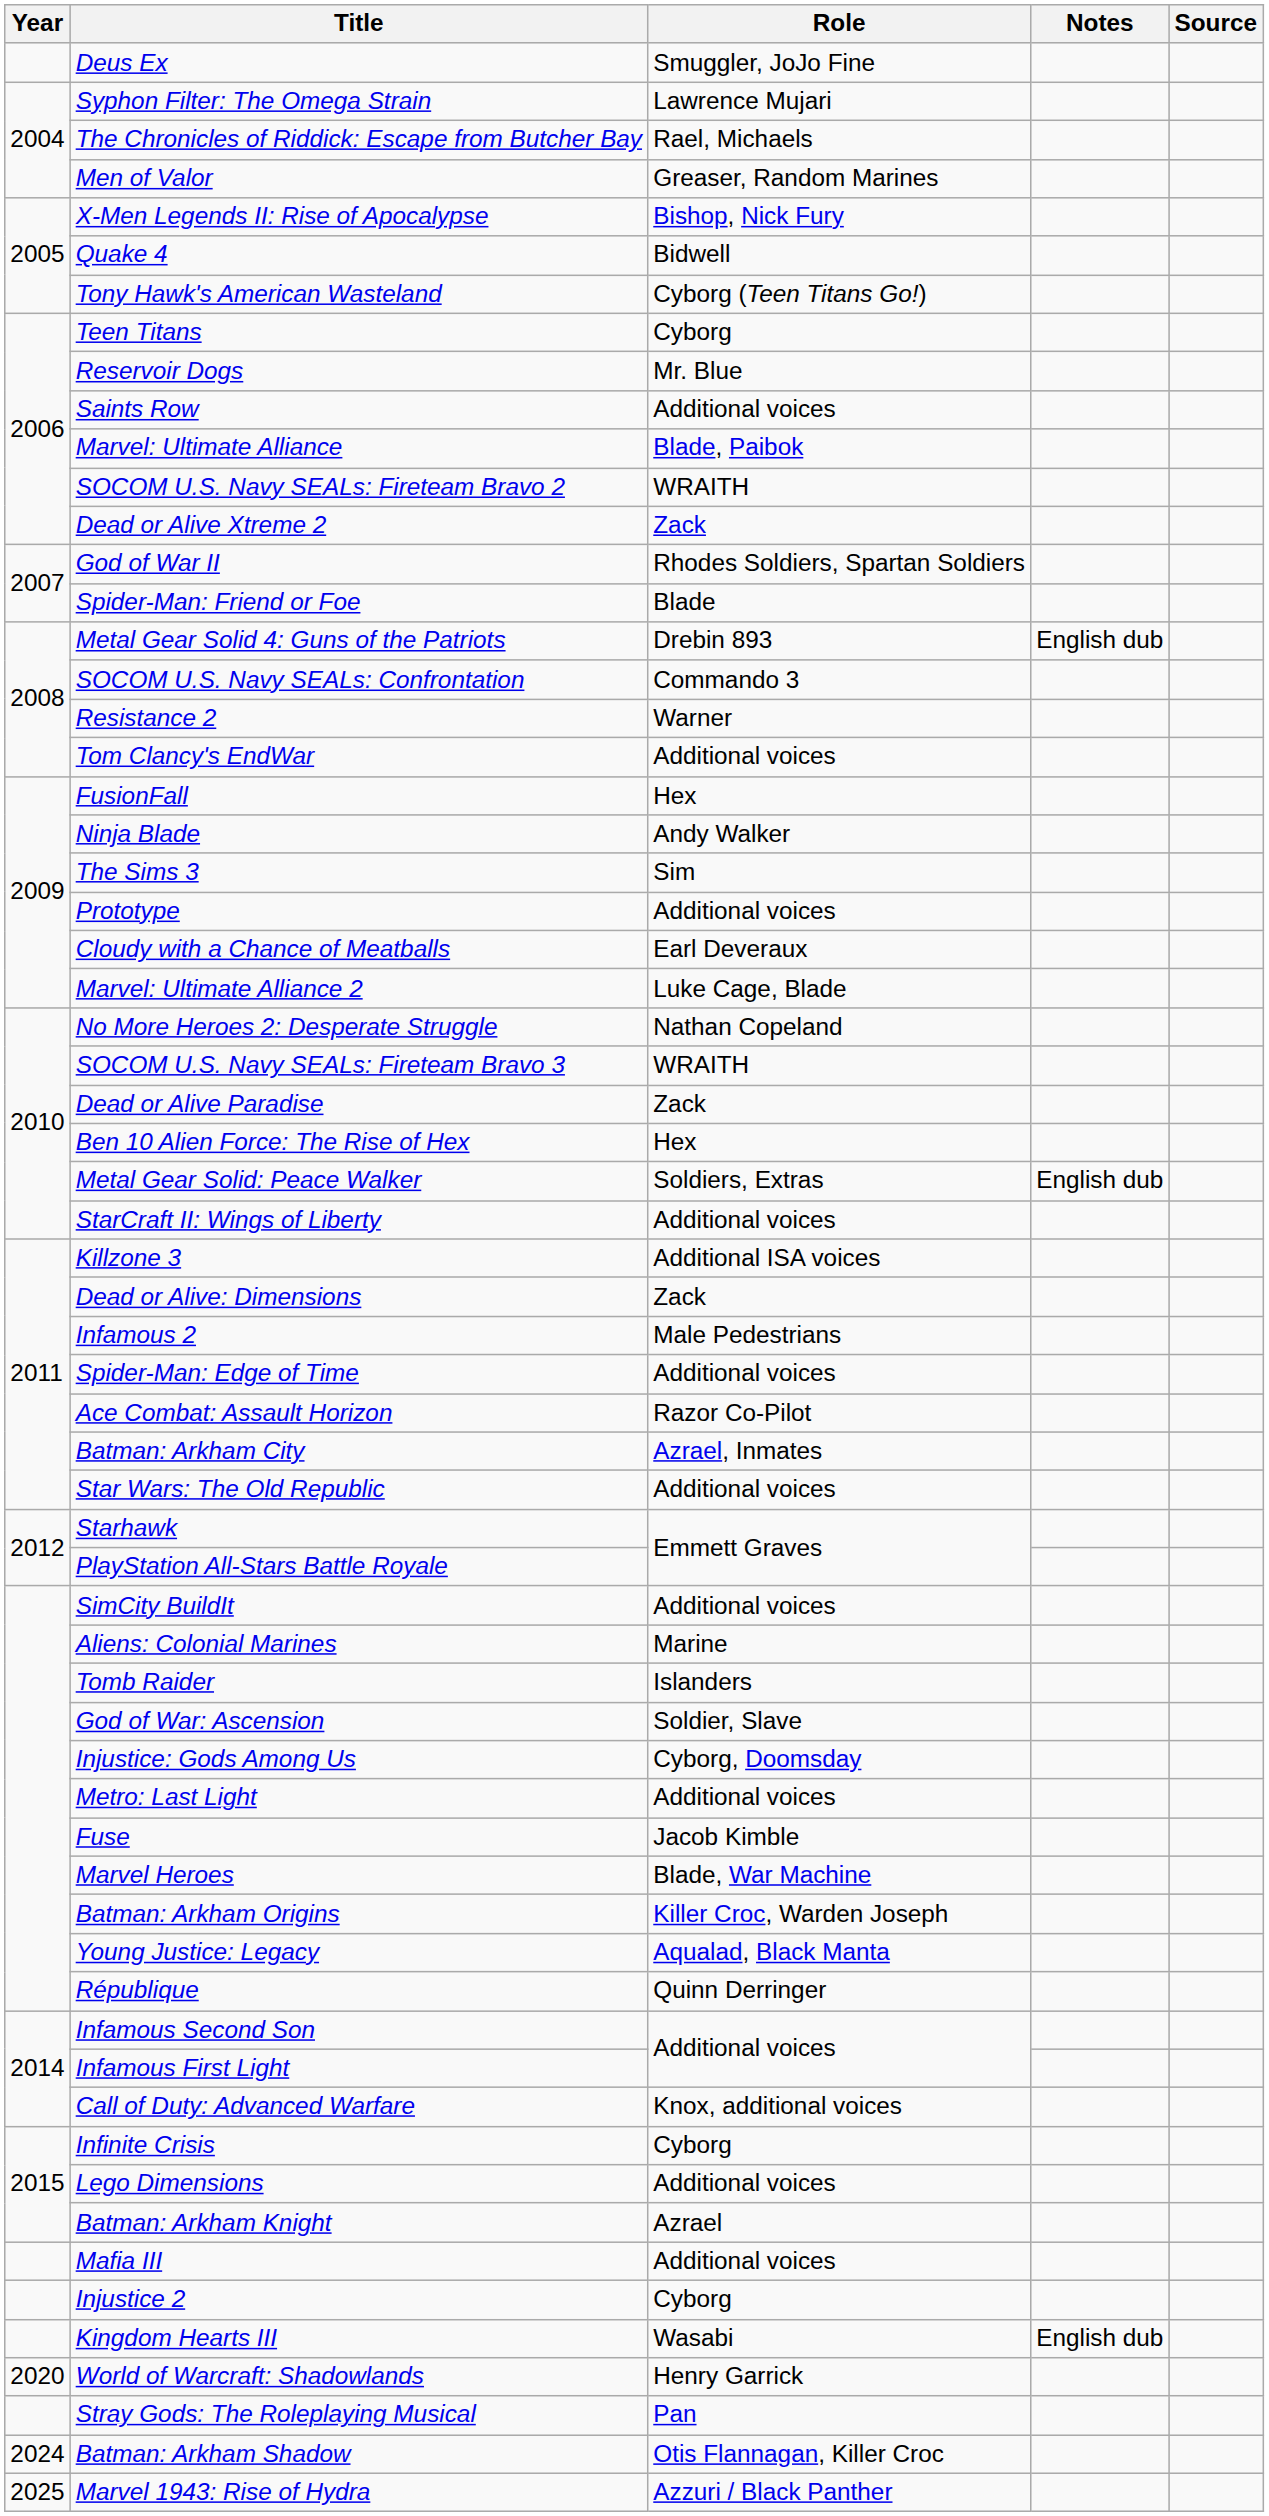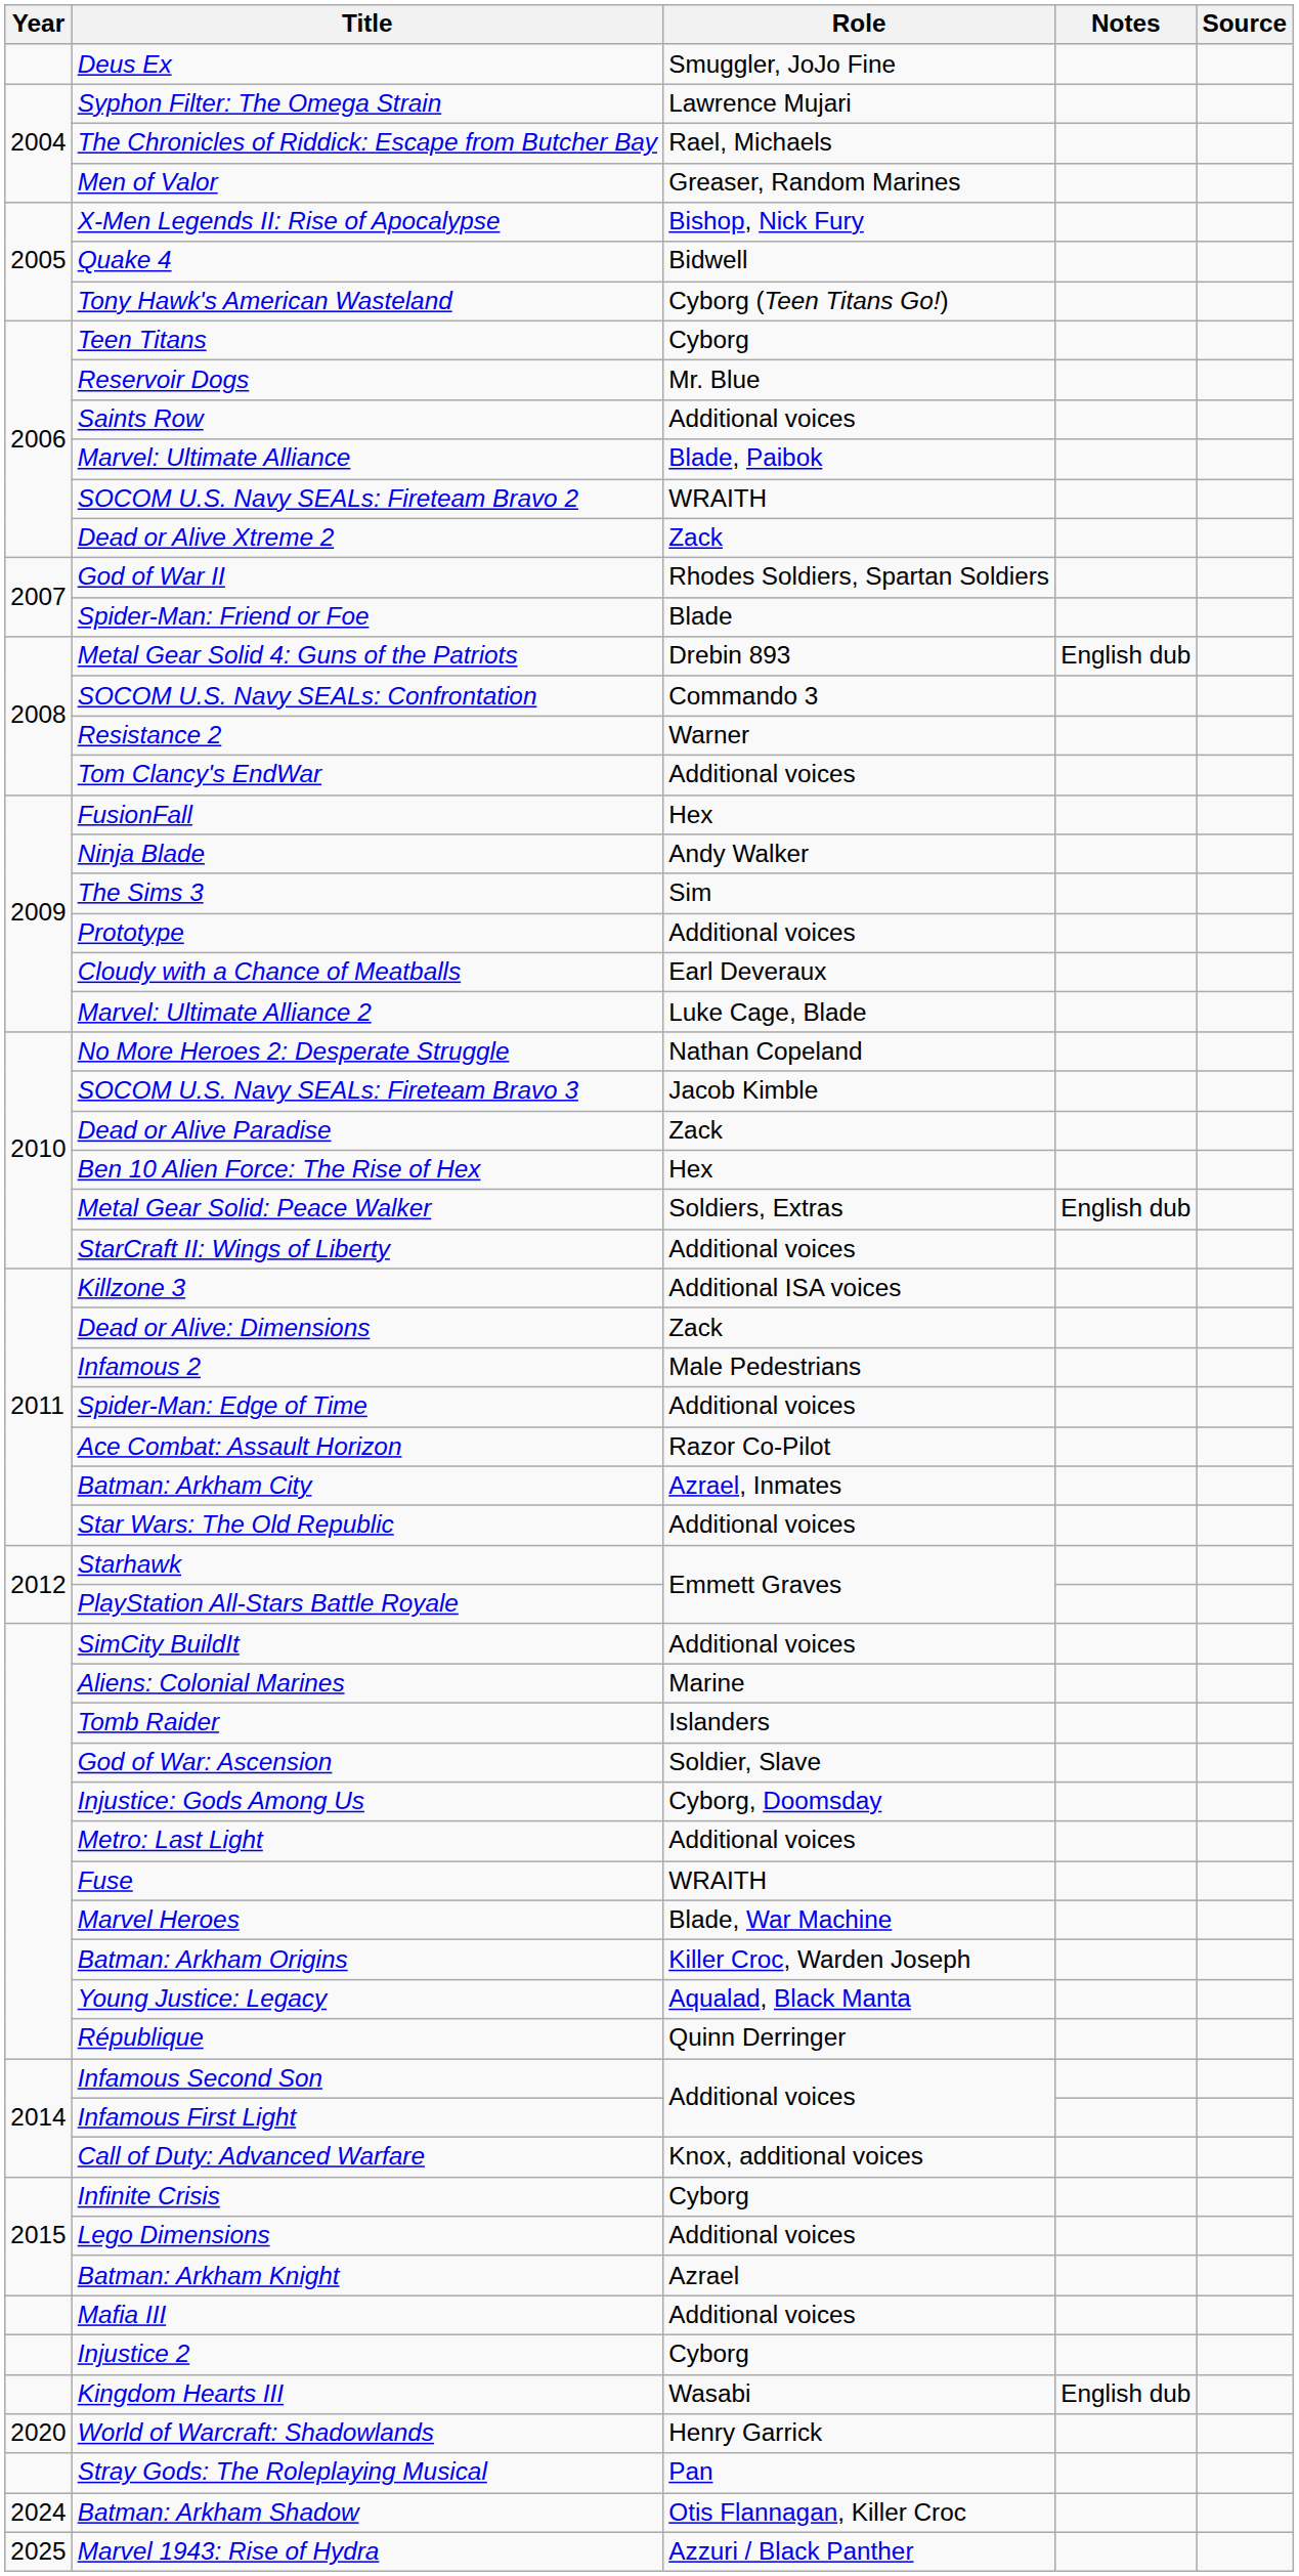 <table class="wikitable sortable plainrowheaders">
 <tr>
 <th scope="col">Year</th>
 <th scope="col">Title</th>
 <th scope="col">Role</th>
 <th class="unsortable" scope="col">Notes</th>
 <th class="unsortable" scope="col">Source</th>
 </tr>
 <tr>
 <td></td>
 <td><em><a href='#'>Deus Ex</a></em></td>
 <td>Smuggler, JoJo Fine</td>
 <td></td>
 <td></td>
 </tr>
 <tr>
 <td rowspan=3>2004</td>
 <td><em><a href='#'>Syphon Filter: The Omega Strain</a></em></td>
 <td>Lawrence Mujari</td>
 <td></td>
 <td></td>
 </tr>
 <tr>
 <td><em><a href='#'>The Chronicles of Riddick: Escape from Butcher Bay</a></em></td>
 <td>Rael, Michaels</td>
 <td></td>
 <td></td>
 </tr>
 <tr>
 <td><em><a href='#'>Men of Valor</a></em></td>
 <td>Greaser, Random Marines</td>
 <td></td>
 <td></td>
 </tr>
 <tr>
 <td rowspan=3>2005</td>
 <td><em><a href='#'>X-Men Legends II: Rise of Apocalypse</a></em></td>
 <td><a href='#'>Bishop</a>, <a href='#'>Nick Fury</a></td>
 <td></td>
 <td></td>
 </tr>
 <tr>
 <td><em><a href='#'>Quake 4</a></em></td>
 <td>Bidwell</td>
 <td></td>
 <td></td>
 </tr>
 <tr>
 <td><em><a href='#'>Tony Hawk's American Wasteland</a></em></td>
 <td>Cyborg (<em>Teen Titans Go!</em>)</td>
 <td></td>
 <td></td>
 </tr>
 <tr>
 <td rowspan=6>2006</td>
 <td><em><a href='#'>Teen Titans</a></em></td>
 <td>Cyborg</td>
 <td></td>
 <td></td>
 </tr>
 <tr>
 <td><em><a href='#'>Reservoir Dogs</a></em></td>
 <td>Mr. Blue</td>
 <td></td>
 <td></td>
 </tr>
 <tr>
 <td><em><a href='#'>Saints Row</a></em></td>
 <td>Additional voices</td>
 <td></td>
 <td></td>
 </tr>
 <tr>
 <td><em><a href='#'>Marvel: Ultimate Alliance</a></em></td>
 <td><a href='#'>Blade</a>, <a href='#'>Paibok</a></td>
 <td></td>
 <td></td>
 </tr>
 <tr>
 <td><em><a href='#'>SOCOM U.S. Navy SEALs: Fireteam Bravo 2</a></em></td>
 <td>WRAITH</td>
 <td></td>
 <td></td>
 </tr>
 <tr>
 <td><em><a href='#'>Dead or Alive Xtreme 2</a></em></td>
 <td><a href='#'>Zack</a></td>
 <td></td>
 <td></td>
 </tr>
 <tr>
 <td rowspan=2>2007</td>
 <td><em><a href='#'>God of War II</a></em></td>
 <td>Rhodes Soldiers, Spartan Soldiers</td>
 <td></td>
 <td></td>
 </tr>
 <tr>
 <td><em><a href='#'>Spider-Man: Friend or Foe</a></em></td>
 <td>Blade</td>
 <td></td>
 <td></td>
 </tr>
 <tr>
 <td rowspan=4>2008</td>
 <td><em><a href='#'>Metal Gear Solid 4: Guns of the Patriots</a></em></td>
 <td>Drebin 893</td>
 <td>English dub</td>
 <td></td>
 </tr>
 <tr>
 <td><em><a href='#'>SOCOM U.S. Navy SEALs: Confrontation</a></em></td>
 <td>Commando 3</td>
 <td></td>
 <td></td>
 </tr>
 <tr>
 <td><em><a href='#'>Resistance 2</a></em></td>
 <td>Warner</td>
 <td></td>
 <td></td>
 </tr>
 <tr>
 <td><em><a href='#'>Tom Clancy's EndWar</a></em></td>
 <td>Additional voices</td>
 <td></td>
 <td></td>
 </tr>
 <tr>
 <td rowspan=6>2009</td>
 <td><em><a href='#'>FusionFall</a></em></td>
 <td>Hex</td>
 <td></td>
 <td></td>
 </tr>
 <tr>
 <td><em><a href='#'>Ninja Blade</a></em></td>
 <td>Andy Walker</td>
 <td></td>
 <td></td>
 </tr>
 <tr>
 <td><em><a href='#'>The Sims 3</a></em></td>
 <td>Sim</td>
 <td></td>
 <td></td>
 </tr>
 <tr>
 <td><em><a href='#'>Prototype</a></em></td>
 <td>Additional voices</td>
 <td></td>
 <td></td>
 </tr>
 <tr>
 <td><em><a href='#'>Cloudy with a Chance of Meatballs</a></em></td>
 <td>Earl Deveraux</td>
 <td></td>
 <td></td>
 </tr>
 <tr>
 <td><em><a href='#'>Marvel: Ultimate Alliance 2</a></em></td>
 <td>Luke Cage, Blade</td>
 <td></td>
 <td></td>
 </tr>
 <tr>
 <td rowspan=6>2010</td>
 <td><em><a href='#'>No More Heroes 2: Desperate Struggle</a></em></td>
 <td>Nathan Copeland</td>
 <td></td>
 <td></td>
 </tr>
 <tr>
 <td><em><a href='#'>SOCOM U.S. Navy SEALs: Fireteam Bravo 3</a></em></td>
-<td>WRAITH</td>
+<td>Jacob Kimble</td>
 <td></td>
 <td></td>
 </tr>
 <tr>
 <td><em><a href='#'>Dead or Alive Paradise</a></em></td>
 <td>Zack</td>
 <td></td>
 <td></td>
 </tr>
 <tr>
 <td><em><a href='#'>Ben 10 Alien Force: The Rise of Hex</a></em></td>
 <td>Hex</td>
 <td></td>
 <td></td>
 </tr>
 <tr>
 <td><em><a href='#'>Metal Gear Solid: Peace Walker</a></em></td>
 <td>Soldiers, Extras</td>
 <td>English dub</td>
 <td></td>
 </tr>
 <tr>
 <td><em><a href='#'>StarCraft II: Wings of Liberty</a></em></td>
 <td>Additional voices</td>
 <td></td>
 <td></td>
 </tr>
 <tr>
 <td rowspan=7>2011</td>
 <td><em><a href='#'>Killzone 3</a></em></td>
 <td>Additional ISA voices</td>
 <td></td>
 <td></td>
 </tr>
 <tr>
 <td><em><a href='#'>Dead or Alive: Dimensions</a></em></td>
 <td>Zack</td>
 <td></td>
 <td></td>
 </tr>
 <tr>
 <td><em><a href='#'>Infamous 2</a></em></td>
 <td>Male Pedestrians</td>
 <td></td>
 <td></td>
 </tr>
 <tr>
 <td><em><a href='#'>Spider-Man: Edge of Time</a></em></td>
 <td>Additional voices</td>
 <td></td>
 <td></td>
 </tr>
 <tr>
 <td><em><a href='#'>Ace Combat: Assault Horizon</a></em></td>
 <td>Razor Co-Pilot</td>
 <td></td>
 <td></td>
 </tr>
 <tr>
 <td><em><a href='#'>Batman: Arkham City</a></em></td>
 <td><a href='#'>Azrael</a>, Inmates</td>
 <td></td>
 <td></td>
 </tr>
 <tr>
 <td><em><a href='#'>Star Wars: The Old Republic</a></em></td>
 <td>Additional voices</td>
 <td></td>
 <td></td>
 </tr>
 <tr>
 <td rowspan=2>2012</td>
 <td><em><a href='#'>Starhawk</a></em></td>
 <td rowspan="2">Emmett Graves</td>
 <td></td>
 <td></td>
 </tr>
 <tr>
 <td><em><a href='#'>PlayStation All-Stars Battle Royale</a></em></td>
 <td></td>
 <td></td>
 </tr>
 <tr>
 <td rowspan=11></td>
 <td><em><a href='#'>SimCity BuildIt</a></em></td>
 <td>Additional voices</td>
 <td></td>
 <td></td>
 </tr>
 <tr>
 <td><em><a href='#'>Aliens: Colonial Marines</a></em></td>
 <td>Marine</td>
 <td></td>
 <td></td>
 </tr>
 <tr>
 <td><em><a href='#'>Tomb Raider</a></em></td>
 <td>Islanders</td>
 <td></td>
 <td></td>
 </tr>
 <tr>
 <td><em><a href='#'>God of War: Ascension</a></em></td>
 <td>Soldier, Slave</td>
 <td></td>
 <td></td>
 </tr>
 <tr>
 <td><em><a href='#'>Injustice: Gods Among Us</a></em></td>
 <td>Cyborg, <a href='#'>Doomsday</a></td>
 <td></td>
 <td></td>
 </tr>
 <tr>
 <td><em><a href='#'>Metro: Last Light</a></em></td>
 <td>Additional voices</td>
 <td></td>
 <td></td>
 </tr>
 <tr>
 <td><em><a href='#'>Fuse</a></em></td>
-<td>Jacob Kimble</td>
+<td>WRAITH</td>
 <td></td>
 <td></td>
 </tr>
 <tr>
 <td><em><a href='#'>Marvel Heroes</a></em></td>
 <td>Blade, <a href='#'>War Machine</a></td>
 <td></td>
 <td></td>
 </tr>
 <tr>
 <td><em><a href='#'>Batman: Arkham Origins</a></em></td>
 <td><a href='#'>Killer Croc</a>, Warden Joseph</td>
 <td></td>
 <td></td>
 </tr>
 <tr>
 <td><em><a href='#'>Young Justice: Legacy</a></em></td>
 <td><a href='#'>Aqualad</a>, <a href='#'>Black Manta</a></td>
 <td></td>
 <td></td>
 </tr>
 <tr>
 <td><em><a href='#'>République</a></em></td>
 <td>Quinn Derringer</td>
 <td></td>
 <td></td>
 </tr>
 <tr>
 <td rowspan=3>2014</td>
 <td><em><a href='#'>Infamous Second Son</a></em></td>
 <td rowspan="2">Additional voices</td>
 <td></td>
 <td></td>
 </tr>
 <tr>
 <td><em><a href='#'>Infamous First Light</a></em></td>
 <td></td>
 <td></td>
 </tr>
 <tr>
 <td><em><a href='#'>Call of Duty: Advanced Warfare</a></em></td>
 <td>Knox, additional voices</td>
 <td></td>
 <td></td>
 </tr>
 <tr>
 <td rowspan=3>2015</td>
 <td><em><a href='#'>Infinite Crisis</a></em></td>
 <td>Cyborg</td>
 <td></td>
 <td></td>
 </tr>
 <tr>
 <td><em><a href='#'>Lego Dimensions</a></em></td>
 <td>Additional voices</td>
 <td></td>
 <td></td>
 </tr>
 <tr>
 <td><em><a href='#'>Batman: Arkham Knight</a></em></td>
 <td>Azrael</td>
 <td></td>
 <td></td>
 </tr>
 <tr>
 <td></td>
 <td><em><a href='#'>Mafia III</a></em></td>
 <td>Additional voices</td>
 <td></td>
 <td></td>
 </tr>
 <tr>
 <td></td>
 <td><em><a href='#'>Injustice 2</a></em></td>
 <td>Cyborg</td>
 <td></td>
 <td></td>
 </tr>
 <tr>
 <td></td>
 <td><em><a href='#'>Kingdom Hearts III</a></em></td>
 <td>Wasabi</td>
 <td>English dub</td>
 <td></td>
 </tr>
 <tr>
 <td>2020</td>
 <td><em><a href='#'>World of Warcraft: Shadowlands</a></em></td>
 <td>Henry Garrick</td>
 <td></td>
 <td></td>
 </tr>
 <tr>
 <td></td>
 <td><em><a href='#'>Stray Gods: The Roleplaying Musical</a></em></td>
 <td><a href='#'>Pan</a></td>
 <td></td>
 <td></td>
 </tr>
 <tr>
 <td>2024</td>
 <td><em><a href='#'>Batman: Arkham Shadow</a></em></td>
 <td><a href='#'>Otis Flannagan</a>, Killer Croc</td>
 <td></td>
 <td></td>
 </tr>
 <tr>
 <td>2025</td>
 <td><em><a href='#'>Marvel 1943: Rise of Hydra</a></em></td>
 <td><a href='#'>Azzuri / Black Panther</a></td>
 <td></td>
 <td></td>
 </tr>
 </table>
